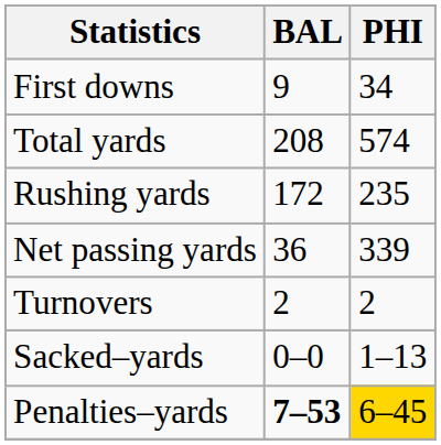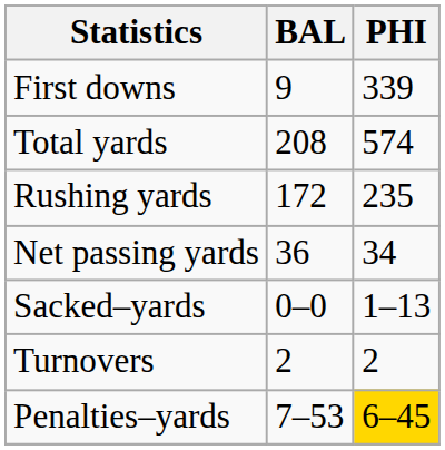 <table class="wikitable" style="float: left;">
 <tr>
 <th>Statistics</th>
 <th>BAL</th>
 <th>PHI</th>
 </tr>
 <tr>
 <td>First downs</td>
 <td>9</td>
-<td>34</td>
+<td>339</td>
 </tr>
 <tr>
 <td>Total yards</td>
 <td>208</td>
 <td>574</td>
 </tr>
 <tr>
 <td>Rushing yards</td>
 <td>172</td>
 <td>235</td>
 </tr>
 <tr>
 <td>Net passing yards</td>
 <td>36</td>
-<td>339</td>
+<td>34</td>
+</tr>
+<tr>
+<td>Sacked–yards</td>
+<td>0–0</td>
+<td>1–13</td>
 </tr>
 <tr>
 <td>Turnovers</td>
 <td>2</td>
 <td>2</td>
 </tr>
 <tr>
-<td>Sacked–yards</td>
-<td>0–0</td>
-<td>1–13</td>
-</tr>
-<tr>
 <td>Penalties–yards</td>
-<td><strong>7–53</strong></td>
+<td>7–53</td>
 <td style="background: gold;">6–45</td>
 </tr>
 <tr>
 </tr>
 </table>
